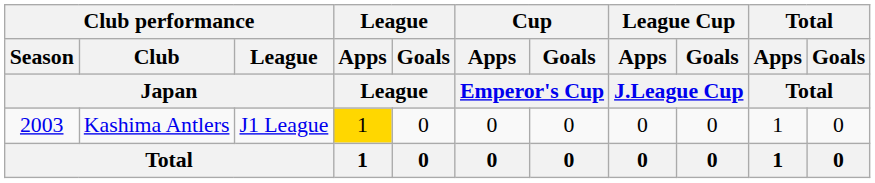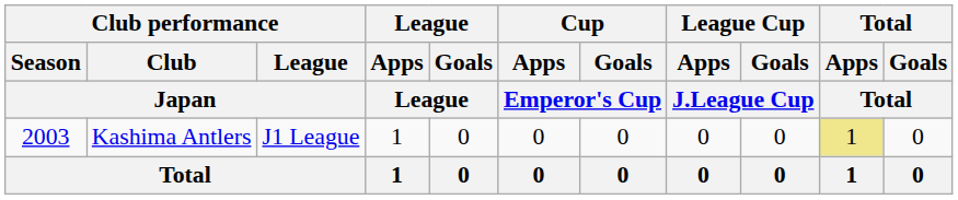 <table class="wikitable" style="text-align:center;">
 <tr>
 <th colspan=3>Club performance</th>
 <th colspan=2>League</th>
 <th colspan=2>Cup</th>
 <th colspan=2>League Cup</th>
 <th colspan=2>Total</th>
 </tr>
 <tr>
 <th>Season</th>
 <th>Club</th>
 <th>League</th>
 <th>Apps</th>
 <th>Goals</th>
 <th>Apps</th>
 <th>Goals</th>
 <th>Apps</th>
 <th>Goals</th>
 <th>Apps</th>
 <th>Goals</th>
 </tr>
 <tr>
 <th colspan=3>Japan</th>
 <th colspan=2>League</th>
 <th colspan=2><a href='#'>Emperor's Cup</a></th>
 <th colspan=2><a href='#'>J.League Cup</a></th>
 <th colspan=2>Total</th>
 </tr>
 <tr>
 <td><a href='#'>2003</a></td>
 <td><a href='#'>Kashima Antlers</a></td>
 <td><a href='#'>J1 League</a></td>
-<td style="background: gold;">1</td>
+<td>1</td>
 <td>0</td>
 <td>0</td>
 <td>0</td>
 <td>0</td>
 <td>0</td>
-<td>1</td>
+<td style="background: khaki;">1</td>
 <td>0</td>
 </tr>
 <tr>
 <th colspan=3>Total</th>
 <th>1</th>
 <th>0</th>
 <th>0</th>
 <th>0</th>
 <th>0</th>
 <th>0</th>
 <th>1</th>
 <th>0</th>
 </tr>
 </table>
